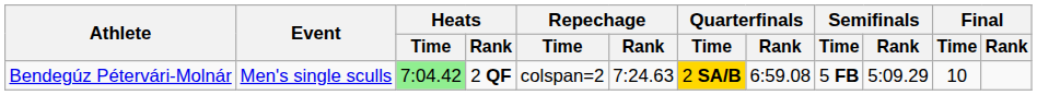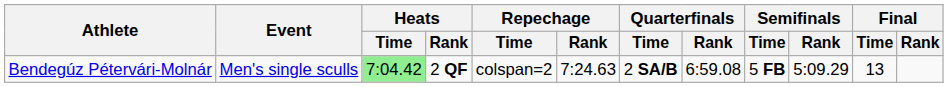 <table class="wikitable" style="font-size:90%">
 <tr>
 <th rowspan="2">Athlete</th>
 <th rowspan="2">Event</th>
 <th colspan="2">Heats</th>
 <th colspan="2">Repechage</th>
 <th colspan="2">Quarterfinals</th>
 <th colspan="2">Semifinals</th>
 <th colspan="2">Final</th>
 </tr>
 <tr style="font-size:95%">
 <th>Time</th>
 <th>Rank</th>
 <th>Time</th>
 <th>Rank</th>
 <th>Time</th>
 <th>Rank</th>
 <th>Time</th>
 <th>Rank</th>
 <th>Time</th>
 <th>Rank</th>
 </tr>
 <tr align=center>
 <td align=left><a href='#'>Bendegúz Pétervári-Molnár</a></td>
 <td align=left><a href='#'>Men's single sculls</a></td>
 <td style="background: lightgreen;">7:04.42</td>
 <td>2 <strong>QF</strong></td>
 <td>colspan=2 </td>
 <td>7:24.63</td>
-<td style="background: gold;">2 <strong>SA/B</strong></td>
+<td>2 <strong>SA/B</strong></td>
 <td>6:59.08</td>
 <td>5 <strong>FB</strong></td>
 <td>5:09.29</td>
-<td>10</td>
+<td>13</td>
 </tr>
 </table>
